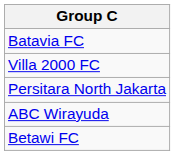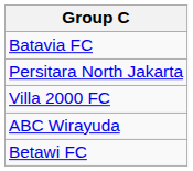 <table class="wikitable">
 <tr>
 <th><strong>Group C</strong></th>
 </tr>
 <tr>
 <td><a href='#'>Batavia FC</a></td>
 </tr>
 <tr>
-<td><a href='#'>Villa 2000 FC</a></td>
+<td><a href='#'>Persitara North Jakarta</a></td>
 </tr>
 <tr>
-<td><a href='#'>Persitara North Jakarta</a></td>
+<td><a href='#'>Villa 2000 FC</a></td>
 </tr>
 <tr>
 <td><a href='#'>ABC Wirayuda</a></td>
 </tr>
 <tr>
 <td><a href='#'>Betawi FC</a></td>
 </tr>
 </table>
